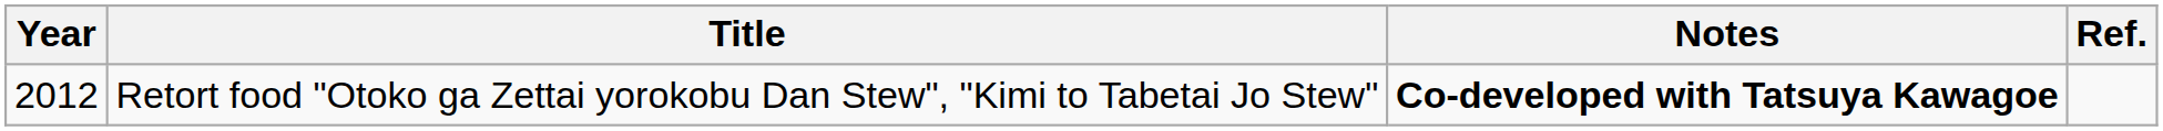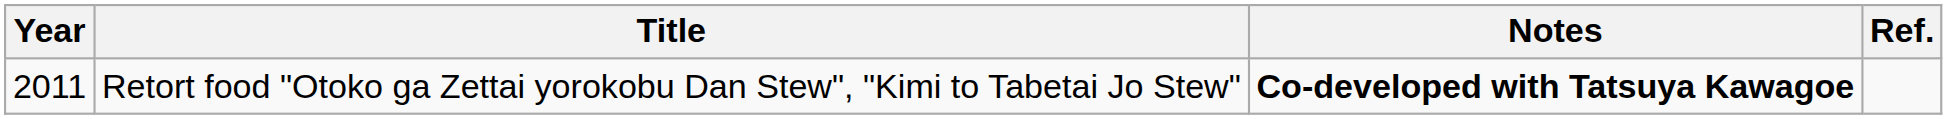 <table class="wikitable">
 <tr>
 <th>Year</th>
 <th>Title</th>
 <th>Notes</th>
 <th>Ref.</th>
 </tr>
 <tr>
-<td>2012</td>
+<td>2011</td>
 <td>Retort food "Otoko ga Zettai yorokobu Dan Stew", "Kimi to Tabetai Jo Stew"</td>
 <td><strong>Co-developed with Tatsuya Kawagoe</strong></td>
 <td></td>
 </tr>
 </table>
